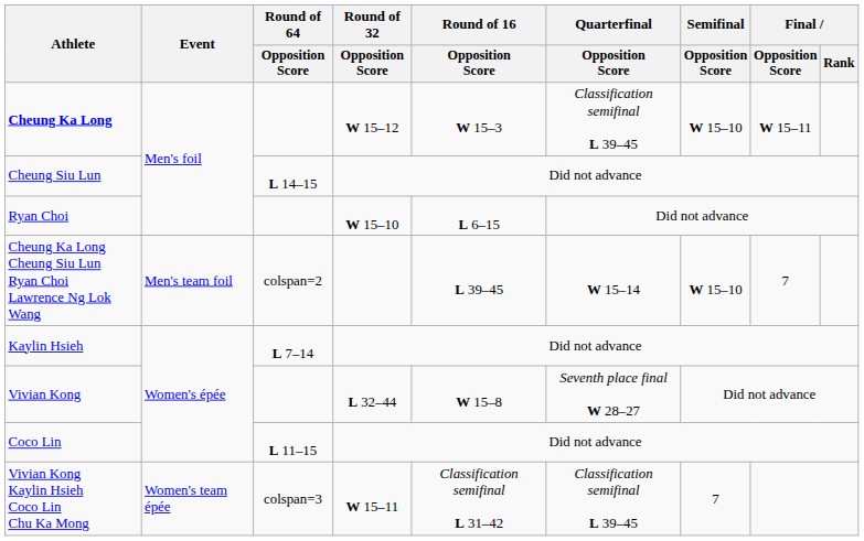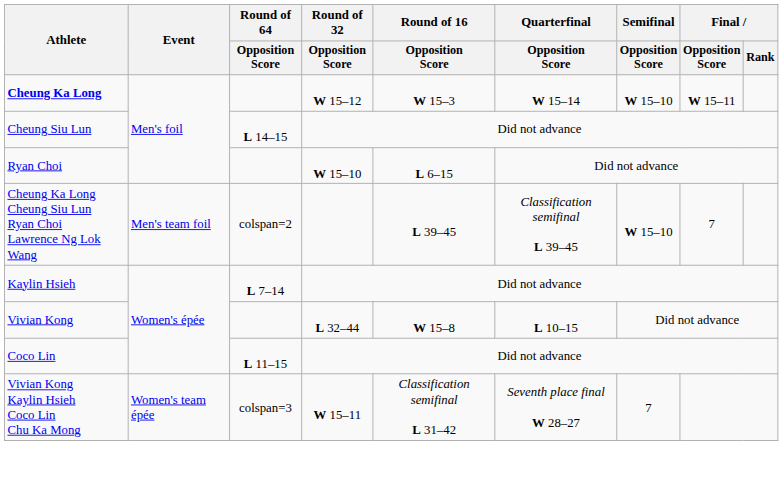 <table class="wikitable" style="font-size:90%">
 <tr>
 <th rowspan="2">Athlete</th>
 <th rowspan="2">Event</th>
 <th>Round of 64</th>
 <th>Round of 32</th>
 <th>Round of 16</th>
 <th>Quarterfinal</th>
 <th>Semifinal</th>
 <th colspan=2>Final / </th>
 </tr>
 <tr style="font-size:95%">
 <th>Opposition <br> Score</th>
 <th>Opposition <br> Score</th>
 <th>Opposition <br> Score</th>
 <th>Opposition <br> Score</th>
 <th>Opposition <br> Score</th>
 <th>Opposition <br> Score</th>
 <th>Rank</th>
 </tr>
 <tr align=center>
 <td align=left><strong><a href='#'>Cheung Ka Long</a></strong></td>
 <td align=left rowspan=3><a href='#'>Men's foil</a></td>
 <td></td>
 <td><br><strong>W</strong> 15–12</td>
 <td><br><strong>W</strong> 15–3</td>
-<td><em>Classification semifinal</em><br><br><strong>L</strong> 39–45</td>
+<td><br><strong>W</strong> 15–14</td>
 <td><br> <strong>W</strong> 15–10</td>
 <td><br><strong>W</strong> 15–11</td>
 <td></td>
 </tr>
 <tr align=center>
 <td align=left><a href='#'>Cheung Siu Lun</a></td>
 <td><br><strong>L</strong> 14–15</td>
 <td colspan=6>Did not advance</td>
 </tr>
 <tr align=center>
 <td align=left><a href='#'>Ryan Choi</a></td>
 <td></td>
 <td><br><strong>W</strong> 15–10</td>
 <td><br><strong>L</strong> 6–15</td>
 <td colspan=4>Did not advance</td>
 </tr>
 <tr align=center>
 <td align=left><a href='#'>Cheung Ka Long</a><br><a href='#'>Cheung Siu Lun</a><br><a href='#'>Ryan Choi</a><br><a href='#'>Lawrence Ng Lok Wang</a></td>
 <td align=left><a href='#'>Men's team foil</a></td>
 <td>colspan=2 </td>
 <td></td>
 <td><br><strong>L</strong> 39–45</td>
-<td><br><strong>W</strong> 15–14</td>
+<td><em>Classification semifinal</em><br><br><strong>L</strong> 39–45</td>
 <td><br> <strong>W</strong> 15–10</td>
 <td>7</td>
 </tr>
 <tr align=center>
 <td align=left><a href='#'>Kaylin Hsieh</a></td>
 <td align=left rowspan=3><a href='#'>Women's épée</a></td>
 <td><br><strong>L</strong> 7–14</td>
 <td colspan=6>Did not advance</td>
 </tr>
 <tr align=center>
 <td align=left><a href='#'>Vivian Kong</a></td>
 <td></td>
 <td><br><strong>L</strong> 32–44</td>
 <td><br><strong>W</strong> 15–8</td>
-<td><em>Seventh place final</em><br><br><strong>W</strong> 28–27</td>
+<td><br><strong>L</strong> 10–15</td>
 <td colspan=3>Did not advance</td>
 </tr>
 <tr align=center>
 <td align=left><a href='#'>Coco Lin</a></td>
 <td><br><strong>L</strong> 11–15</td>
 <td colspan=6>Did not advance</td>
 </tr>
 <tr align=center>
 <td align=left><a href='#'>Vivian Kong</a><br><a href='#'>Kaylin Hsieh</a><br><a href='#'>Coco Lin</a><br><a href='#'>Chu Ka Mong</a></td>
 <td align=left><a href='#'>Women's team épée</a></td>
 <td>colspan=3 </td>
 <td><br><strong>W</strong> 15–11</td>
 <td><em>Classification semifinal</em><br><br><strong>L</strong> 31–42</td>
-<td><em>Classification semifinal</em><br><br><strong>L</strong> 39–45</td>
+<td><em>Seventh place final</em><br><br><strong>W</strong> 28–27</td>
 <td>7</td>
 </tr>
 </table>
